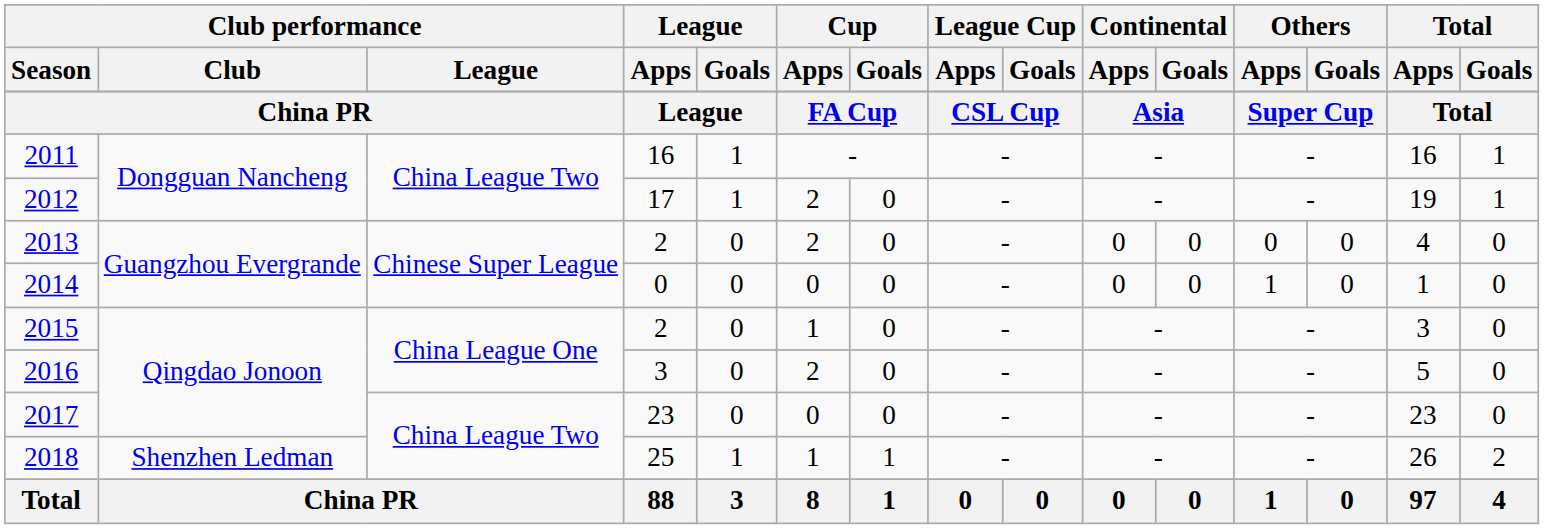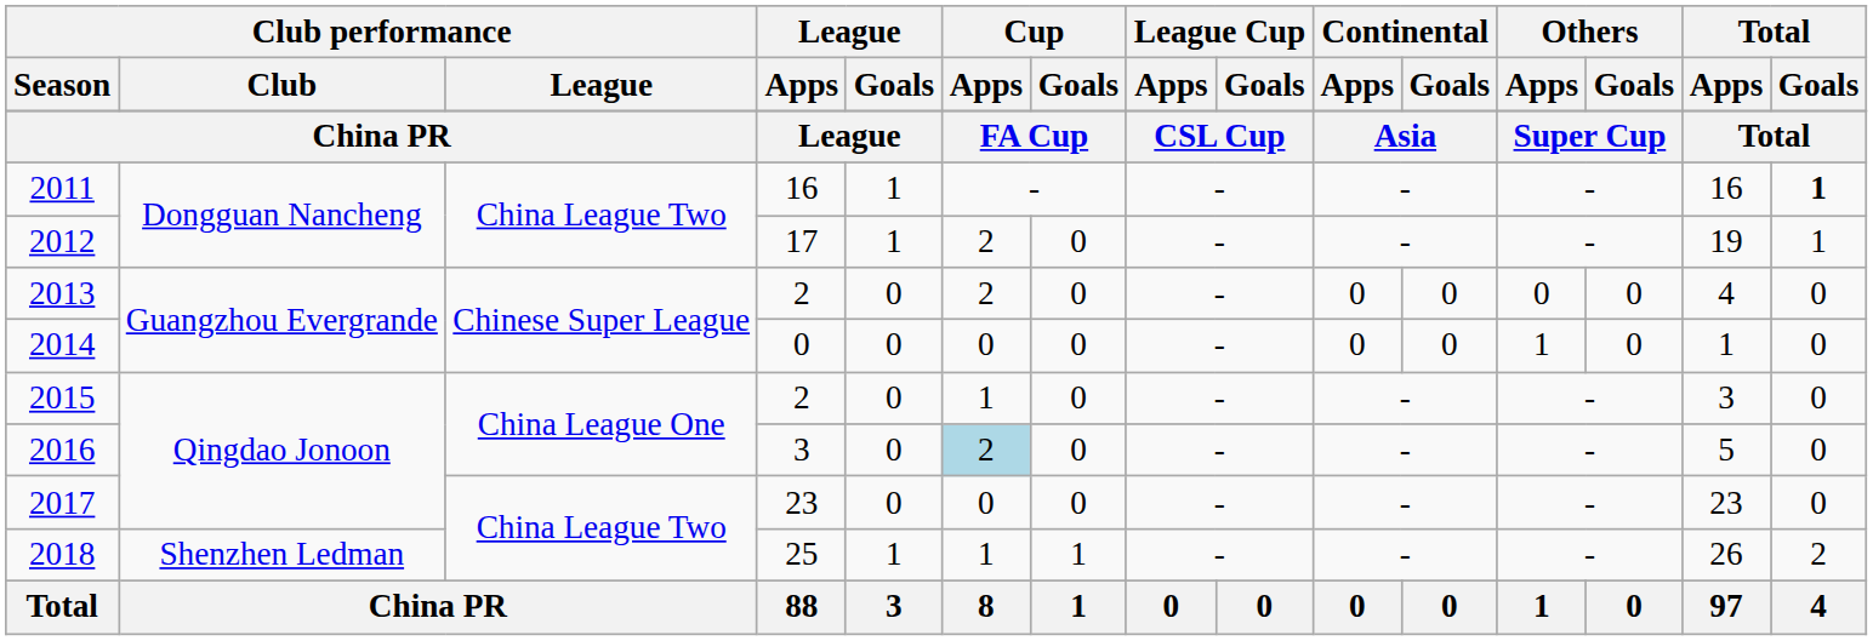 <table class="wikitable" style="text-align:center">
 <tr>
 <th colspan=3>Club performance</th>
 <th colspan=2>League</th>
 <th colspan=2>Cup</th>
 <th colspan=2>League Cup</th>
 <th colspan=2>Continental</th>
 <th colspan=2>Others</th>
 <th colspan=2>Total</th>
 </tr>
 <tr>
 <th>Season</th>
 <th>Club</th>
 <th>League</th>
 <th>Apps</th>
 <th>Goals</th>
 <th>Apps</th>
 <th>Goals</th>
 <th>Apps</th>
 <th>Goals</th>
 <th>Apps</th>
 <th>Goals</th>
 <th>Apps</th>
 <th>Goals</th>
 <th>Apps</th>
 <th>Goals</th>
 </tr>
 <tr>
 </tr>
 <tr>
 <th colspan=3>China PR</th>
 <th colspan=2>League</th>
 <th colspan=2><a href='#'>FA Cup</a></th>
 <th colspan=2><a href='#'>CSL Cup</a></th>
 <th colspan=2><a href='#'>Asia</a></th>
 <th colspan=2><a href='#'>Super Cup</a></th>
 <th colspan=2>Total</th>
 </tr>
 <tr>
 <td><a href='#'>2011</a></td>
 <td rowspan="2"><a href='#'>Dongguan Nancheng</a></td>
 <td rowspan="2"><a href='#'>China League Two</a></td>
 <td>16</td>
 <td>1</td>
 <td colspan="2">-</td>
 <td colspan="2">-</td>
 <td colspan="2">-</td>
 <td colspan="2">-</td>
 <td>16</td>
-<td>1</td>
+<td><strong>1</strong></td>
 </tr>
 <tr>
 <td><a href='#'>2012</a></td>
 <td>17</td>
 <td>1</td>
 <td>2</td>
 <td>0</td>
 <td colspan="2">-</td>
 <td colspan="2">-</td>
 <td colspan="2">-</td>
 <td>19</td>
 <td>1</td>
 </tr>
 <tr>
 <td><a href='#'>2013</a></td>
 <td rowspan=2><a href='#'>Guangzhou Evergrande</a></td>
 <td rowspan=2><a href='#'>Chinese Super League</a></td>
 <td>2</td>
 <td>0</td>
 <td>2</td>
 <td>0</td>
 <td colspan="2">-</td>
 <td>0</td>
 <td>0</td>
 <td>0</td>
 <td>0</td>
 <td>4</td>
 <td>0</td>
 </tr>
 <tr>
 <td><a href='#'>2014</a></td>
 <td>0</td>
 <td>0</td>
 <td>0</td>
 <td>0</td>
 <td colspan="2">-</td>
 <td>0</td>
 <td>0</td>
 <td>1</td>
 <td>0</td>
 <td>1</td>
 <td>0</td>
 </tr>
 <tr>
 <td><a href='#'>2015</a></td>
 <td rowspan="3"><a href='#'>Qingdao Jonoon</a></td>
 <td rowspan="2"><a href='#'>China League One</a></td>
 <td>2</td>
 <td>0</td>
 <td>1</td>
 <td>0</td>
 <td colspan="2">-</td>
 <td colspan="2">-</td>
 <td colspan="2">-</td>
 <td>3</td>
 <td>0</td>
 </tr>
 <tr>
 <td><a href='#'>2016</a></td>
 <td>3</td>
 <td>0</td>
-<td>2</td>
+<td style="background: lightblue;">2</td>
 <td>0</td>
 <td colspan="2">-</td>
 <td colspan="2">-</td>
 <td colspan="2">-</td>
 <td>5</td>
 <td>0</td>
 </tr>
 <tr>
 <td><a href='#'>2017</a></td>
 <td rowspan="2"><a href='#'>China League Two</a></td>
 <td>23</td>
 <td>0</td>
 <td>0</td>
 <td>0</td>
 <td colspan="2">-</td>
 <td colspan="2">-</td>
 <td colspan="2">-</td>
 <td>23</td>
 <td>0</td>
 </tr>
 <tr>
 <td><a href='#'>2018</a></td>
 <td rowspan="1"><a href='#'>Shenzhen Ledman</a></td>
 <td>25</td>
 <td>1</td>
 <td>1</td>
 <td>1</td>
 <td colspan="2">-</td>
 <td colspan="2">-</td>
 <td colspan="2">-</td>
 <td>26</td>
 <td>2</td>
 </tr>
 <tr>
 <th>Total</th>
 <th colspan=2>China PR</th>
 <th>88</th>
 <th>3</th>
 <th>8</th>
 <th>1</th>
 <th>0</th>
 <th>0</th>
 <th>0</th>
 <th>0</th>
 <th>1</th>
 <th>0</th>
 <th>97</th>
 <th>4</th>
 </tr>
 </table>
